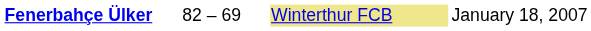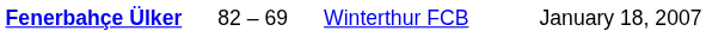 <table style="text-align:center">
 <tr>
 <th width=160></th>
 <th width=100></th>
 <th width=160></th>
 <th width=200></th>
 </tr>
 <tr>
 <td align=right><strong><a href='#'>Fenerbahçe Ülker</a></strong> </td>
 <td>82 – 69</td>
-<td align=left style="background: khaki;"> <a href='#'>Winterthur FCB</a></td>
+<td align=left> <a href='#'>Winterthur FCB</a></td>
 <td align=left>January 18, 2007</td>
 </tr>
 </table>
